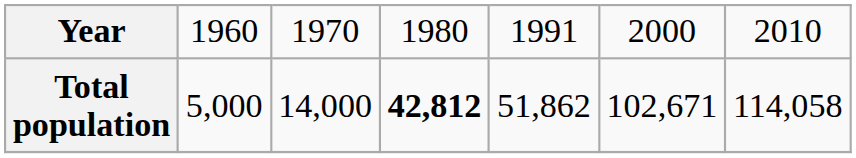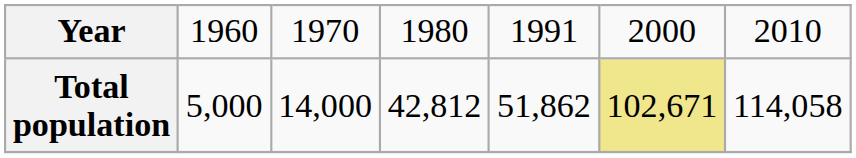 <table class="wikitable" style="text-align: center;">
 <tr>
 <th>Year</th>
 <td>1960</td>
 <td>1970</td>
 <td>1980</td>
 <td>1991</td>
 <td>2000</td>
 <td>2010</td>
 </tr>
 <tr>
 <th>Total<br>population</th>
 <td>5,000</td>
 <td>14,000</td>
-<td><strong>42,812</strong></td>
+<td>42,812</td>
 <td>51,862</td>
-<td>102,671</td>
+<td style="background: khaki;">102,671</td>
 <td>114,058</td>
 </tr>
 <tr>
 </tr>
 </table>
